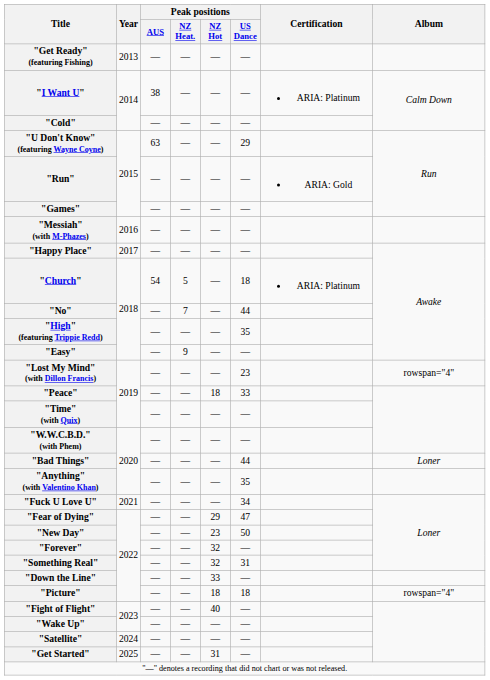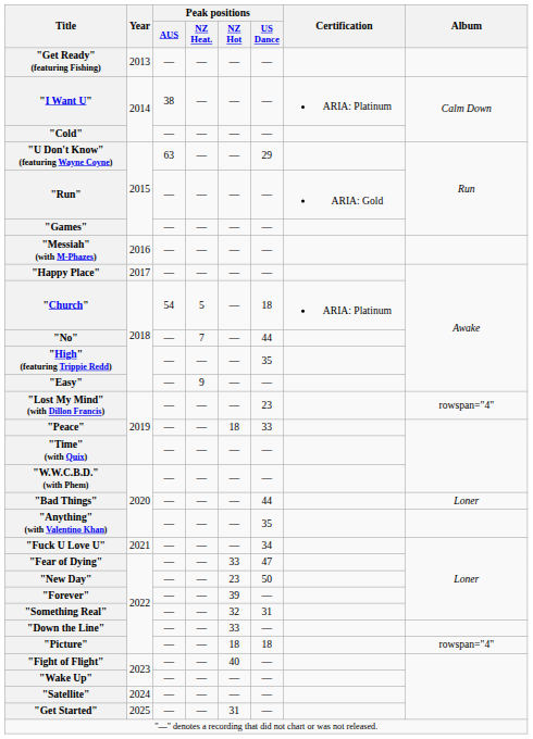 <table class="wikitable plainrowheaders" style="text-align:center;">
 <tr>
 <th rowspan="2" style="text-align:center; width:180px;">Title</th>
 <th rowspan="2" style="text-align:center; width:10px;">Year</th>
 <th colspan="4" style="text-align:center; width:20px;">Peak positions</th>
 <th rowspan="2" style="text-align:center; width:180px;">Certification</th>
 <th rowspan="2" style="text-align:center; width:180px;">Album</th>
 </tr>
 <tr>
 <th scope="col" style="width:3em;font-size:90%;"><a href='#'>AUS</a><br></th>
 <th scope="col" style="width:3em;font-size:90%;"><a href='#'>NZ<br>Heat.</a><br></th>
 <th scope="col" style="width:3em;font-size:90%;"><a href='#'>NZ<br>Hot</a><br></th>
 <th scope="col" style="width:3em;font-size:90%;"><a href='#'>US<br>Dance</a><br></th>
 </tr>
 <tr>
 <th scope="row">"Get Ready" <br><small>(featuring Fishing)</small></th>
 <td>2013</td>
 <td>—</td>
 <td>—</td>
 <td>—</td>
 <td>—</td>
 <td></td>
 <td></td>
 </tr>
 <tr>
 <th scope="row">"<a href='#'>I Want U</a>"</th>
 <td rowspan="2">2014</td>
 <td>38</td>
 <td>—</td>
 <td>—</td>
 <td>—</td>
 <td><br><ul><li>ARIA: Platinum</li></ul></td>
 <td rowspan="2"><em>Calm Down</em></td>
 </tr>
 <tr>
 <th scope="row">"Cold"</th>
 <td>—</td>
 <td>—</td>
 <td>—</td>
 <td>—</td>
 <td></td>
 </tr>
 <tr>
 <th scope="row">"U Don't Know" <br><small>(featuring <a href='#'>Wayne Coyne</a>)</small></th>
 <td rowspan="3">2015</td>
 <td>63</td>
 <td>—</td>
 <td>—</td>
 <td>29</td>
 <td></td>
 <td rowspan="3"><em>Run</em></td>
 </tr>
 <tr>
 <th scope="row">"Run"</th>
 <td>—</td>
 <td>—</td>
 <td>—</td>
 <td>—</td>
 <td><br><ul><li>ARIA: Gold</li></ul></td>
 </tr>
 <tr>
 <th scope="row">"Games"</th>
 <td>—</td>
 <td>—</td>
 <td>—</td>
 <td>—</td>
 <td></td>
 </tr>
 <tr>
 <th scope="row">"Messiah"<br><small>(with <a href='#'>M-Phazes</a>)</small></th>
 <td>2016</td>
 <td>—</td>
 <td>—</td>
 <td>—</td>
 <td>—</td>
 <td></td>
 <td></td>
 </tr>
 <tr>
 <th scope="row">"Happy Place"</th>
 <td>2017</td>
 <td>—</td>
 <td>—</td>
 <td>—</td>
 <td>—</td>
 <td></td>
 <td style="text-align:center;" rowspan="5"><em>Awake</em></td>
 </tr>
 <tr>
 <th scope="row">"<a href='#'>Church</a>"</th>
 <td rowspan="4">2018</td>
 <td>54</td>
 <td>5</td>
 <td>—</td>
 <td>18</td>
 <td><br><ul><li>ARIA: Platinum</li></ul></td>
 </tr>
 <tr>
 <th scope="row">"No"</th>
 <td>—</td>
 <td>7</td>
 <td>—</td>
 <td>44</td>
 <td></td>
 </tr>
 <tr>
 <th scope="row">"<a href='#'>High</a>" <br><small>(featuring <a href='#'>Trippie Redd</a>)</small></th>
 <td>—</td>
 <td>—</td>
 <td>—</td>
 <td>35</td>
 <td></td>
 </tr>
 <tr>
 <th scope="row">"Easy"</th>
 <td>—</td>
 <td>9</td>
 <td>—</td>
 <td>—</td>
 <td></td>
 </tr>
 <tr>
 <th scope="row">"Lost My Mind" <br><small>(with <a href='#'>Dillon Francis</a>)</small></th>
 <td rowspan="3">2019</td>
 <td>—</td>
 <td>—</td>
 <td>—</td>
 <td>23</td>
 <td></td>
 <td>rowspan="4" </td>
 </tr>
 <tr>
 <th scope="row">"Peace"</th>
 <td>—</td>
 <td>—</td>
 <td>18</td>
 <td>33</td>
 <td></td>
 </tr>
 <tr>
 <th scope="row">"Time" <br><small>(with <a href='#'>Quix</a>)</small></th>
 <td>—</td>
 <td>—</td>
 <td>—</td>
 <td>—</td>
 <td></td>
 </tr>
 <tr>
 <th scope="row">"W.W.C.B.D." <br><small>(with Phem)</small></th>
 <td rowspan="3">2020</td>
 <td>—</td>
 <td>—</td>
 <td>—</td>
 <td>—</td>
 <td></td>
 </tr>
 <tr>
 <th scope="row">"Bad Things"</th>
 <td>—</td>
 <td>—</td>
 <td>—</td>
 <td>44</td>
 <td></td>
 <td><em>Loner</em></td>
 </tr>
 <tr>
 <th scope="row">"Anything" <br><small>(with <a href='#'>Valentino Khan</a>)</small></th>
 <td>—</td>
 <td>—</td>
 <td>—</td>
 <td>35</td>
 <td></td>
 <td></td>
 </tr>
 <tr>
 <th scope="row">"Fuck U Love U"</th>
 <td>2021</td>
 <td>—</td>
 <td>—</td>
 <td>—</td>
 <td>34</td>
 <td></td>
 <td rowspan="5"><em>Loner</em></td>
 </tr>
 <tr>
 <th scope="row">"Fear of Dying"</th>
 <td rowspan="6">2022</td>
 <td>—</td>
 <td>—</td>
-<td>29</td>
+<td>33</td>
 <td>47</td>
 <td></td>
 </tr>
 <tr>
 <th scope="row">"New Day"</th>
 <td>—</td>
 <td>—</td>
 <td>23</td>
 <td>50</td>
 <td></td>
 </tr>
 <tr>
 <th scope="row">"Forever"</th>
 <td>—</td>
 <td>—</td>
-<td>32</td>
+<td>39</td>
 <td>—</td>
 <td></td>
 </tr>
 <tr>
 <th scope="row">"Something Real"</th>
 <td>—</td>
 <td>—</td>
 <td>32</td>
 <td>31</td>
 <td></td>
 </tr>
 <tr>
 <th scope="row">"Down the Line"</th>
 <td>—</td>
 <td>—</td>
 <td>33</td>
 <td>—</td>
 <td></td>
 <td></td>
 </tr>
 <tr>
 <th scope="row">"Picture"<br></th>
 <td>—</td>
 <td>—</td>
 <td>18</td>
 <td>18</td>
 <td></td>
 <td>rowspan="4" </td>
 </tr>
 <tr>
 <th scope="row">"Fight of Flight"<br></th>
 <td rowspan="2">2023</td>
 <td>—</td>
 <td>—</td>
 <td>40</td>
 <td>—</td>
 <td></td>
 </tr>
 <tr>
 <th scope="row">"Wake Up"<br></th>
 <td>—</td>
 <td>—</td>
 <td>—</td>
 <td>—</td>
 <td></td>
 </tr>
 <tr>
 <th scope="row">"Satellite"<br></th>
 <td rowspan="1">2024</td>
 <td>—</td>
 <td>—</td>
 <td>—</td>
 <td>—</td>
 <td></td>
 </tr>
 <tr>
 <th scope="row">"Get Started"</th>
 <td>2025</td>
 <td>—</td>
 <td>—</td>
 <td>31</td>
 <td>—</td>
 <td></td>
 </tr>
 <tr>
 <td colspan="8" style="font-size:85%">"—" denotes a recording that did not chart or was not released.</td>
 </tr>
 </table>
